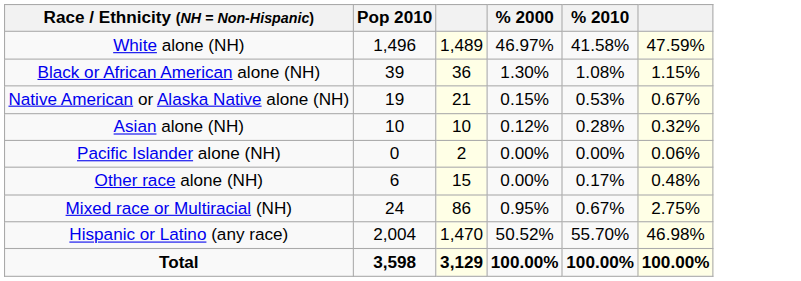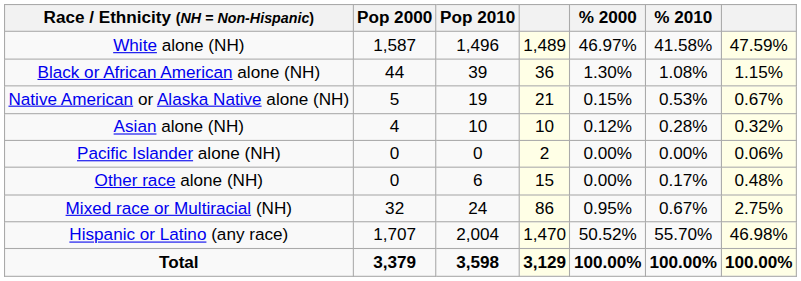 <table class="wikitable" style="text-align:center;">
 <tr>
 <th>Race / Ethnicity <small>(<em>NH = Non-Hispanic</em>)</small></th>
+<th>Pop 2000</th>
 <th>Pop 2010</th>
 <th></th>
 <th>% 2000</th>
 <th>% 2010</th>
 <th></th>
 </tr>
 <tr>
 <td><a href='#'>White</a> alone (NH)</td>
+<td>1,587</td>
 <td>1,496</td>
 <td style='background: #ffffe6;'>1,489</td>
 <td>46.97%</td>
 <td>41.58%</td>
 <td style='background: #ffffe6;'>47.59%</td>
 </tr>
 <tr>
 <td><a href='#'>Black or African American</a> alone (NH)</td>
+<td>44</td>
 <td>39</td>
 <td style='background: #ffffe6;'>36</td>
 <td>1.30%</td>
 <td>1.08%</td>
 <td style='background: #ffffe6;'>1.15%</td>
 </tr>
 <tr>
 <td><a href='#'>Native American</a> or <a href='#'>Alaska Native</a> alone (NH)</td>
+<td>5</td>
 <td>19</td>
 <td style='background: #ffffe6;'>21</td>
 <td>0.15%</td>
 <td>0.53%</td>
 <td style='background: #ffffe6;'>0.67%</td>
 </tr>
 <tr>
 <td><a href='#'>Asian</a> alone (NH)</td>
+<td>4</td>
 <td>10</td>
 <td style='background: #ffffe6;'>10</td>
 <td>0.12%</td>
 <td>0.28%</td>
 <td style='background: #ffffe6;'>0.32%</td>
 </tr>
 <tr>
 <td><a href='#'>Pacific Islander</a> alone (NH)</td>
 <td>0</td>
+<td>0</td>
 <td style='background: #ffffe6;'>2</td>
 <td>0.00%</td>
 <td>0.00%</td>
 <td style='background: #ffffe6;'>0.06%</td>
 </tr>
 <tr>
 <td><a href='#'>Other race</a> alone (NH)</td>
+<td>0</td>
 <td>6</td>
 <td style='background: #ffffe6;'>15</td>
 <td>0.00%</td>
 <td>0.17%</td>
 <td style='background: #ffffe6;'>0.48%</td>
 </tr>
 <tr>
 <td><a href='#'>Mixed race or Multiracial</a> (NH)</td>
+<td>32</td>
 <td>24</td>
 <td style='background: #ffffe6;'>86</td>
 <td>0.95%</td>
 <td>0.67%</td>
 <td style='background: #ffffe6;'>2.75%</td>
 </tr>
 <tr>
 <td><a href='#'>Hispanic or Latino</a> (any race)</td>
+<td>1,707</td>
 <td>2,004</td>
 <td style='background: #ffffe6;'>1,470</td>
 <td>50.52%</td>
 <td>55.70%</td>
 <td style='background: #ffffe6;'>46.98%</td>
 </tr>
 <tr>
 <td><strong>Total</strong></td>
+<td><strong>3,379</strong></td>
 <td><strong>3,598</strong></td>
 <td style='background: #ffffe6;'><strong>3,129</strong></td>
 <td><strong>100.00%</strong></td>
 <td><strong>100.00%</strong></td>
 <td style='background: #ffffe6;'><strong>100.00%</strong></td>
 </tr>
 </table>
